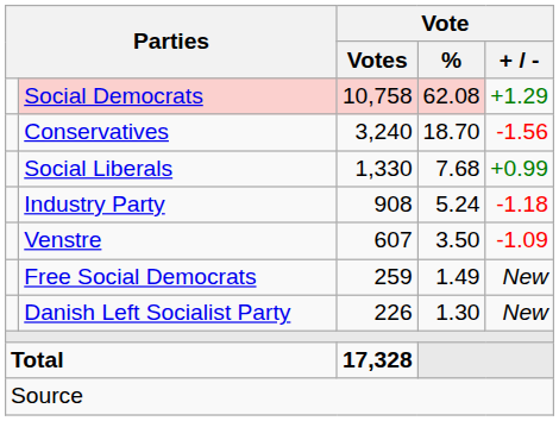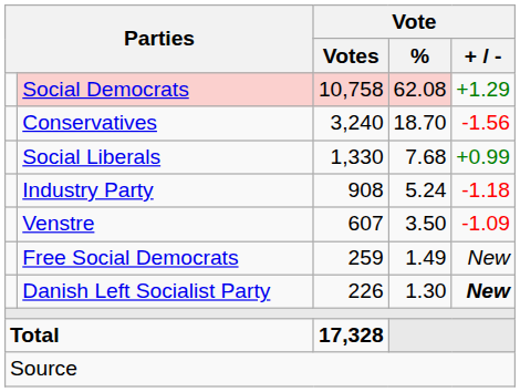 <table class="wikitable" style="text-align:right;">
 <tr>
 <th style="text-align:centre;" rowspan="2" colspan="2" width="225">Parties</th>
 <th colspan="3">Vote</th>
 </tr>
 <tr>
 <th width="15">Votes</th>
 <th width="15">%</th>
 <th width="15">+ / -</th>
 </tr>
 <tr>
 <td width="2" style="color:inherit;background:"></td>
 <td bgcolor=#fbd0ce  align="left"><a href='#'>Social Democrats</a></td>
 <td bgcolor=#fbd0ce>10,758</td>
 <td bgcolor=#fbd0ce>62.08</td>
 <td style=color:green;>+1.29</td>
 </tr>
 <tr>
 <td width="2" style="color:inherit;background:"></td>
 <td align="left"><a href='#'>Conservatives</a></td>
 <td>3,240</td>
 <td>18.70</td>
 <td style=color:red;>-1.56</td>
 </tr>
 <tr>
 <td width="2" style="color:inherit;background:"></td>
 <td align="left"><a href='#'>Social Liberals</a></td>
 <td>1,330</td>
 <td>7.68</td>
 <td style=color:green;>+0.99</td>
 </tr>
 <tr>
 <td width="2" style="color:inherit;background:"></td>
 <td align="left"><a href='#'>Industry Party</a></td>
 <td>908</td>
 <td>5.24</td>
 <td style=color:red;>-1.18</td>
 </tr>
 <tr>
 <td width="2" style="color:inherit;background:"></td>
 <td align="left"><a href='#'>Venstre</a></td>
 <td>607</td>
 <td>3.50</td>
 <td style=color:red;>-1.09</td>
 </tr>
 <tr>
 <td width="2" style="color:inherit;background:"></td>
 <td align="left"><a href='#'>Free Social Democrats</a></td>
 <td>259</td>
 <td>1.49</td>
 <td><em>New</em></td>
 </tr>
 <tr>
 <td width="2" style="color:inherit;background:"></td>
 <td align="left"><a href='#'>Danish Left Socialist Party</a></td>
 <td>226</td>
 <td>1.30</td>
-<td><em>New</em></td>
+<td><strong><em>New</em></strong></td>
 </tr>
 <tr>
 <td colspan="7" bgcolor="#E9E9E9"></td>
 </tr>
 <tr>
 <td align="left" colspan="2"><strong>Total</strong></td>
 <td><strong>17,328</strong></td>
 <td bgcolor="#E9E9E9" colspan="2"></td>
 </tr>
 <tr>
 <td align="left" colspan="6">Source</td>
 </tr>
 </table>
